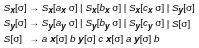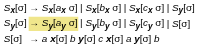 <table>
 <tr>
 <td><em>S</em><sub><strong><em>x</em></strong></sub>[σ]</td>
 <td>→   <em>S</em><sub><strong><em>x</em></strong></sub>[<em>a</em><sub><strong><em>x</em></strong></sub> σ]</td>
 <td>| <em>S</em><sub><strong><em>x</em></strong></sub>[<em>b</em><sub><strong><em>x</em></strong></sub> σ]</td>
 <td>| <em>S</em><sub><strong><em>x</em></strong></sub>[<em>c</em><sub><strong><em>x</em></strong></sub> σ]</td>
 <td>| <em>S</em><sub><strong><em>y</em></strong></sub>[σ]</td>
 </tr>
 <tr>
 <td><em>S</em><sub><strong><em>y</em></strong></sub>[σ]</td>
-<td>→   <em>S</em><sub><strong><em>y</em></strong></sub>[<em>a</em><sub><strong><em>y</em></strong></sub> σ]</td>
+<td style="background: khaki;">→   <em>S</em><sub><strong><em>y</em></strong></sub>[<em>a</em><sub><strong><em>y</em></strong></sub> σ]</td>
 <td>| <em>S</em><sub><strong><em>y</em></strong></sub>[<em>b</em><sub><strong><em>y</em></strong></sub> σ]</td>
 <td>| <em>S</em><sub><strong><em>y</em></strong></sub>[<em>c</em><sub><strong><em>y</em></strong></sub> σ]</td>
 <td>| <em>S</em>[σ]</td>
 </tr>
 <tr>
 <td><em>S</em>[σ]</td>
 <td colspan=4>→ <em>a</em> <strong><em>x</em></strong>[σ] <em>b</em> <strong><em>y</em></strong>[σ] <em>c</em> <strong><em>x</em></strong>[σ] <em>a</em> <strong><em>y</em></strong>[σ] <em>b</em></td>
 </tr>
 </table>
